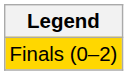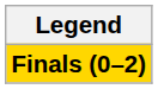 <table class=wikitable style=font-size:90%>
 <tr>
 <th>Legend</th>
 </tr>
 <tr>
-<td bgcolor="gold">Finals (0–2)</td>
+<td bgcolor="gold"><strong>Finals (0–2)</strong></td>
 </tr>
 </table>
